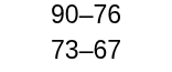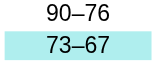 <table style="text-align:center">
 <tr>
 <th width=200></th>
 <th width=100></th>
 <th width=200></th>
 <th></th>
 </tr>
 <tr>
 <td align=right><strong></strong></td>
 <td>90–76</td>
 <td align=left></td>
 </tr>
 <tr>
 <td align=right><strong></strong></td>
-<td>73–67</td>
+<td style="background: paleturquoise;">73–67</td>
 <td align=left></td>
 </tr>
 </table>
